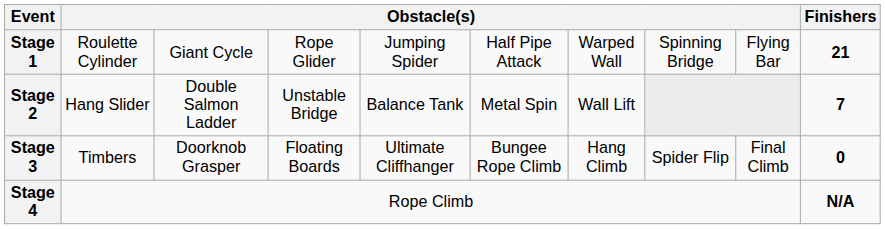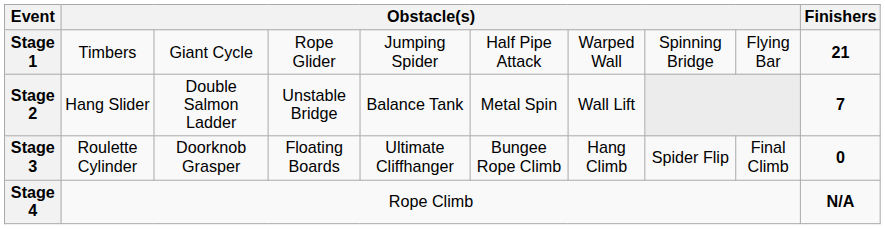 <table class="wikitable" style="text-align:center;">
 <tr>
 <th colspan="1">Event</th>
 <th colspan="8">Obstacle(s)</th>
 <th>Finishers</th>
 </tr>
 <tr>
 <th>Stage 1</th>
-<td>Roulette Cylinder</td>
+<td>Timbers</td>
 <td>Giant Cycle</td>
 <td>Rope Glider</td>
 <td>Jumping Spider</td>
 <td>Half Pipe Attack</td>
 <td>Warped Wall</td>
 <td>Spinning Bridge</td>
 <td>Flying Bar</td>
 <td><strong>21</strong></td>
 </tr>
 <tr>
 <th>Stage 2</th>
 <td>Hang Slider</td>
 <td>Double Salmon Ladder</td>
 <td>Unstable Bridge</td>
 <td>Balance Tank</td>
 <td>Metal Spin</td>
 <td>Wall Lift</td>
 <td colspan="2" style="background:#ECECEC;"></td>
 <td><strong>7</strong></td>
 </tr>
 <tr>
 <th>Stage 3</th>
-<td>Timbers</td>
+<td>Roulette Cylinder</td>
 <td>Doorknob Grasper</td>
 <td>Floating Boards</td>
 <td>Ultimate Cliffhanger</td>
 <td>Bungee Rope Climb</td>
 <td>Hang Climb</td>
 <td>Spider Flip</td>
 <td>Final Climb</td>
 <td><strong>0</strong></td>
 </tr>
 <tr>
 <th>Stage 4</th>
 <td colspan="8">Rope Climb</td>
 <td><strong>N/A</strong></td>
 </tr>
 </table>
